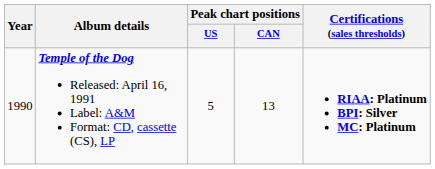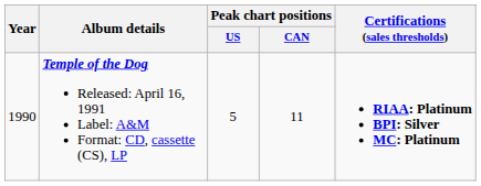 <table class="wikitable">
 <tr>
 <th rowspan="2">Year</th>
 <th rowspan="2" style="width:185px;">Album details</th>
 <th colspan="2">Peak chart positions</th>
 <th rowspan="2"><a href='#'>Certifications</a><br><small>(<a href='#'>sales thresholds</a>)</small></th>
 </tr>
 <tr>
 <th width:40><sup><a href='#'>US</a><br></sup></th>
 <th width:40><sup><a href='#'>CAN</a><br></sup></th>
 </tr>
 <tr>
 <td>1990</td>
 <td style="text-align:left;"><strong><em><a href='#'>Temple of the Dog</a></em></strong><br><ul><li>Released: April 16, 1991</li><li>Label: <a href='#'>A&M</a></li><li>Format: <a href='#'>CD</a>, <a href='#'>cassette</a> (CS), <a href='#'>LP</a></li></ul></td>
 <td style="text-align:center;">5</td>
-<td style="text-align:center;">13</td>
+<td style="text-align:center;">11</td>
 <td><strong><br><ul><li><a href='#'>RIAA</a>: Platinum</li><li><a href='#'>BPI</a>: Silver</li><li><a href='#'>MC</a>: Platinum</li></ul></strong></td>
 </tr>
 </table>
